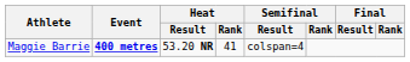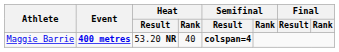 <table class="wikitable" style="font-size:90%">
 <tr>
 <th rowspan="2">Athlete</th>
 <th rowspan="2">Event</th>
 <th colspan="2">Heat</th>
 <th colspan="2">Semifinal</th>
 <th colspan="2">Final</th>
 </tr>
 <tr style="font-size:95%">
 <th>Result</th>
 <th>Rank</th>
 <th>Result</th>
 <th>Rank</th>
 <th>Result</th>
 <th>Rank</th>
 </tr>
 <tr style=text-align:center>
 <td style=text-align:left><a href='#'>Maggie Barrie</a></td>
 <td style=text-align:left><strong><a href='#'>400 metres</a></strong></td>
 <td>53.20 <strong>NR</strong></td>
-<td>41</td>
-<td>colspan=4 </td>
+<td>40</td>
+<td><strong>colspan=4 </strong></td>
 </tr>
 </table>
